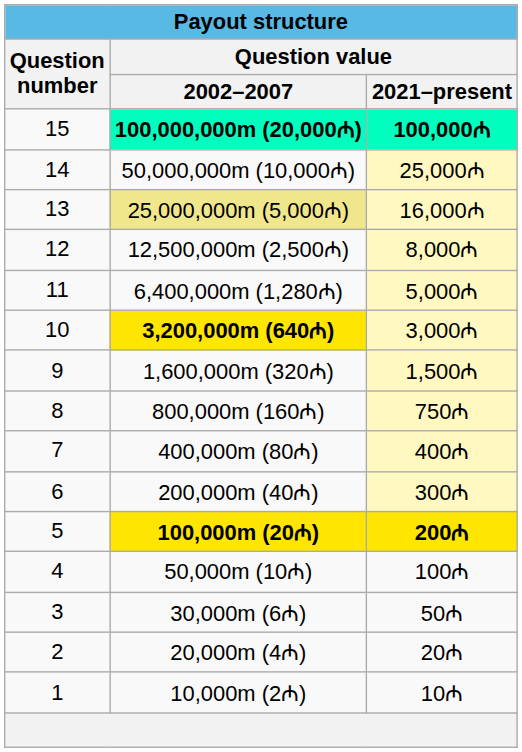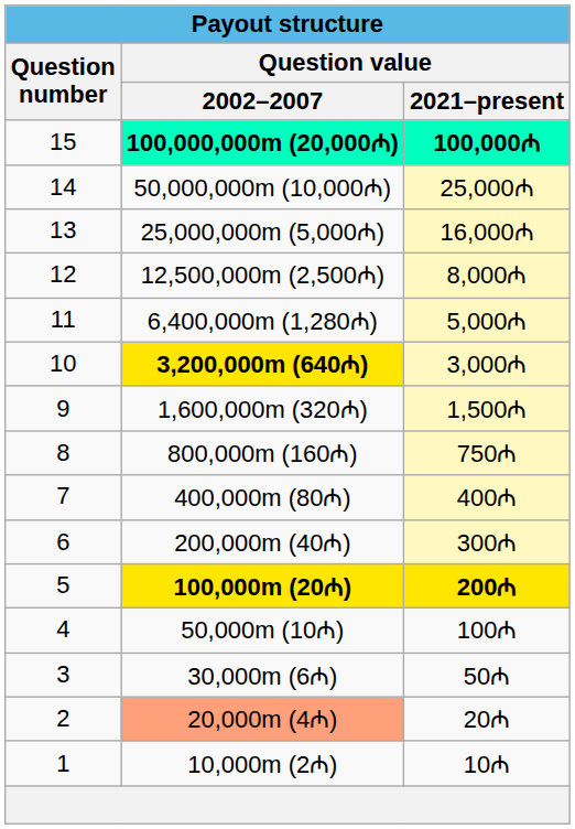 <table class="wikitable" style="text-align: center;">
 <tr>
 <th colspan=3 style="background: #58B9E4">Payout structure</th>
 </tr>
 <tr>
 <th rowspan=2>Question<br>number</th>
 <th colspan=2>Question value</th>
 </tr>
 <tr>
 <th>2002–2007</th>
 <th>2021–present</th>
 </tr>
 <tr>
 <td>15</td>
 <td style="background: #00FFBF"><strong>100,000,000m (20,000₼)</strong></td>
 <td style="background: #00FFBF"><strong>100,000₼</strong></td>
 </tr>
 <tr>
 <td>14</td>
 <td>50,000,000m (10,000₼)</td>
 <td style="background: #FFF9C1">25,000₼</td>
 </tr>
 <tr>
 <td>13</td>
-<td style="background: khaki;">25,000,000m (5,000₼)</td>
+<td>25,000,000m (5,000₼)</td>
 <td style="background: #FFF9C1">16,000₼</td>
 </tr>
 <tr>
 <td>12</td>
 <td>12,500,000m (2,500₼)</td>
 <td style="background: #FFF9C1">8,000₼</td>
 </tr>
 <tr>
 <td>11</td>
 <td>6,400,000m (1,280₼)</td>
 <td style="background: #FFF9C1">5,000₼</td>
 </tr>
 <tr>
 <td>10</td>
 <td style="background: #FFE600"><strong>3,200,000m (640₼)</strong></td>
 <td style="background: #FFF9C1">3,000₼</td>
 </tr>
 <tr>
 <td>9</td>
 <td>1,600,000m (320₼)</td>
 <td style="background: #FFF9C1">1,500₼</td>
 </tr>
 <tr>
 <td>8</td>
 <td>800,000m (160₼)</td>
 <td style="background: #FFF9C1">750₼</td>
 </tr>
 <tr>
 <td>7</td>
 <td>400,000m (80₼)</td>
 <td style="background: #FFF9C1">400₼</td>
 </tr>
 <tr>
 <td>6</td>
 <td>200,000m (40₼)</td>
 <td style="background: #FFF9C1">300₼</td>
 </tr>
 <tr>
 <td>5</td>
 <td style="background: #FFE600"><strong>100,000m (20₼)</strong></td>
 <td style="background: #FFE600"><strong>200₼</strong></td>
 </tr>
 <tr>
 <td>4</td>
 <td>50,000m (10₼)</td>
 <td>100₼</td>
 </tr>
 <tr>
 <td>3</td>
 <td>30,000m (6₼)</td>
 <td>50₼</td>
 </tr>
 <tr>
 <td>2</td>
-<td>20,000m (4₼)</td>
+<td style="background: lightsalmon;">20,000m (4₼)</td>
 <td>20₼</td>
 </tr>
 <tr>
 <td>1</td>
 <td>10,000m (2₼)</td>
 <td>10₼</td>
 </tr>
 <tr>
 <th colspan=3 style="text-align:left"><br></th>
 </tr>
 </table>
